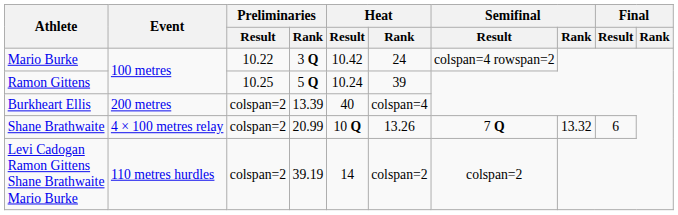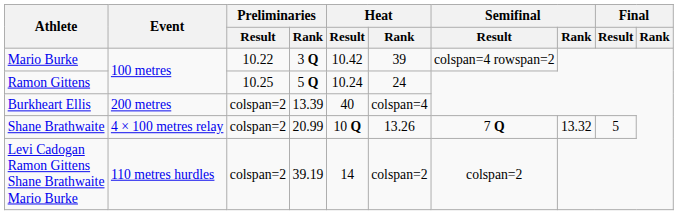 <table class=wikitable style=font-size:90%>
 <tr>
 <th rowspan=2>Athlete</th>
 <th rowspan=2>Event</th>
 <th colspan=2>Preliminaries</th>
 <th colspan=2>Heat</th>
 <th colspan=2>Semifinal</th>
 <th colspan=2>Final</th>
 </tr>
 <tr style=font-size:95%>
 <th>Result</th>
 <th>Rank</th>
 <th>Result</th>
 <th>Rank</th>
 <th>Result</th>
 <th>Rank</th>
 <th>Result</th>
 <th>Rank</th>
 </tr>
 <tr align=center>
 <td align=left><a href='#'>Mario Burke</a></td>
 <td align=left rowspan=2><a href='#'>100 metres</a></td>
 <td>10.22</td>
 <td>3 <strong>Q</strong></td>
 <td>10.42</td>
-<td>24</td>
+<td>39</td>
 <td>colspan=4 rowspan=2 </td>
 </tr>
 <tr align=center>
 <td align=left><a href='#'>Ramon Gittens</a></td>
 <td>10.25</td>
 <td>5 <strong>Q</strong></td>
 <td>10.24</td>
-<td>39</td>
+<td>24</td>
 </tr>
 <tr align=center>
 <td align=left><a href='#'>Burkheart Ellis</a></td>
 <td align=left><a href='#'>200 metres</a></td>
 <td>colspan=2 </td>
 <td>13.39</td>
 <td>40</td>
 <td>colspan=4 </td>
 </tr>
 <tr align=center>
 <td align=left><a href='#'>Shane Brathwaite</a></td>
 <td align=left><a href='#'>4 × 100 metres relay</a></td>
 <td>colspan=2 </td>
 <td>20.99</td>
 <td>10 <strong>Q</strong></td>
 <td>13.26 <strong></strong></td>
 <td>7 <strong>Q</strong></td>
 <td>13.32</td>
-<td>6</td>
+<td>5</td>
 </tr>
 <tr align=center>
 <td align=left><a href='#'>Levi Cadogan</a><br><a href='#'>Ramon Gittens</a><br><a href='#'>Shane Brathwaite</a><br><a href='#'>Mario Burke</a></td>
 <td align=left><a href='#'>110 metres hurdles</a></td>
 <td>colspan=2 </td>
 <td>39.19</td>
 <td>14</td>
 <td>colspan=2 </td>
 <td>colspan=2 </td>
 </tr>
 </table>
